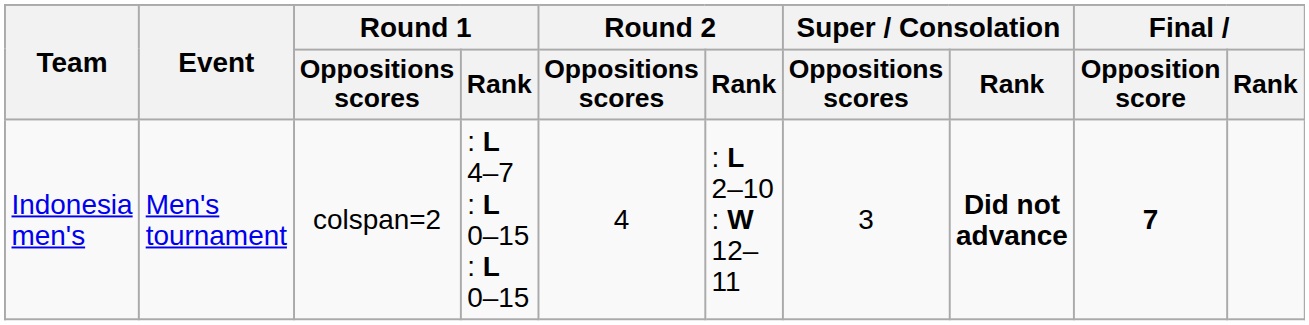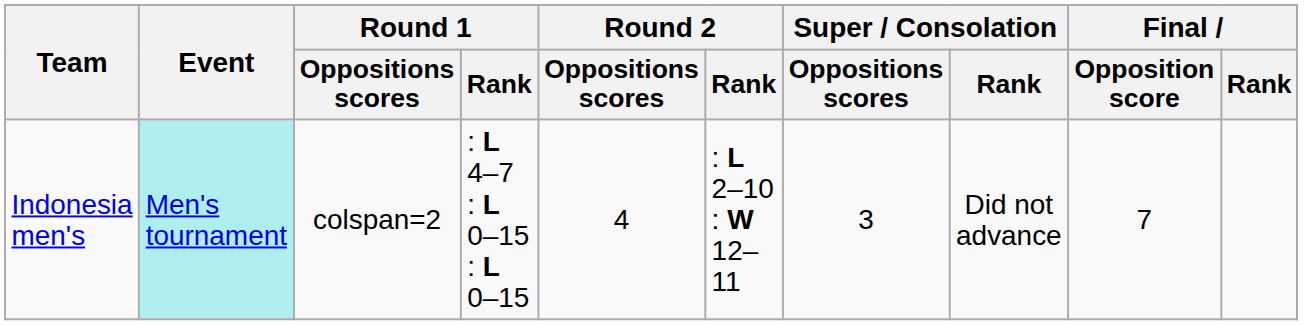 <table class=wikitable style="font-size:90%; text-align:center;">
 <tr>
 <th rowspan=2>Team</th>
 <th rowspan=2>Event</th>
 <th colspan=2>Round 1</th>
 <th colspan=2>Round 2</th>
 <th colspan=2>Super / Consolation</th>
 <th colspan=2>Final / </th>
 </tr>
 <tr style=font-size:95%>
 <th>Oppositions<br> scores</th>
 <th>Rank</th>
 <th>Oppositions<br> scores</th>
 <th>Rank</th>
 <th>Oppositions<br> scores</th>
 <th>Rank</th>
 <th>Opposition<br> score</th>
 <th>Rank</th>
 </tr>
 <tr>
 <td align=left><a href='#'>Indonesia men's</a></td>
-<td align=left><a href='#'>Men's tournament</a></td>
+<td align=left style="background: paleturquoise;"><a href='#'>Men's tournament</a></td>
 <td>colspan=2 </td>
 <td align=left>: <strong>L</strong> 4–7<br>: <strong>L</strong> 0–15<br>: <strong>L</strong> 0–15</td>
 <td>4</td>
 <td align=left>: <strong>L</strong> 2–10<br>: <strong>W</strong> 12–11</td>
 <td>3</td>
-<td><strong>Did not advance</strong></td>
-<td><strong>7</strong></td>
+<td>Did not advance</td>
+<td>7</td>
 </tr>
 </table>
